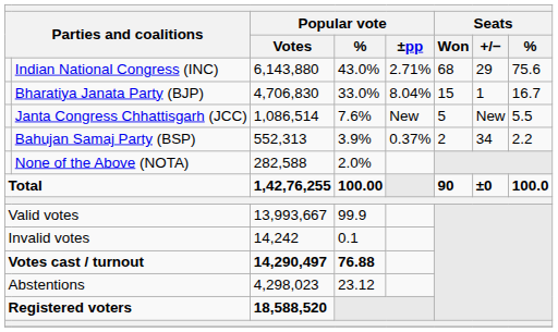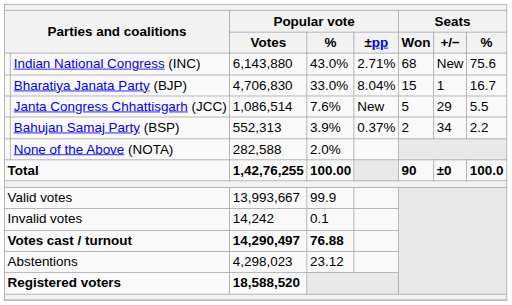 <table class="wikitable">
 <tr>
 <th colspan=10></th>
 </tr>
 <tr>
 <th colspan="2" rowspan="2">Parties and coalitions</th>
 <th colspan="3">Popular vote</th>
 <th colspan="3">Seats</th>
 </tr>
 <tr>
 <th>Votes</th>
 <th>%</th>
 <th>±<a href='#'>pp</a></th>
 <th>Won</th>
 <th><strong>+/−</strong></th>
 <th>%</th>
 </tr>
 <tr>
 <td></td>
 <td><a href='#'>Indian National Congress</a> (INC)</td>
 <td>6,143,880</td>
 <td>43.0%</td>
 <td>2.71%</td>
 <td>68</td>
-<td>29</td>
+<td>New</td>
 <td>75.6</td>
 </tr>
 <tr>
 <td></td>
 <td><a href='#'>Bharatiya Janata Party</a> (BJP)</td>
 <td>4,706,830</td>
 <td>33.0%</td>
 <td>8.04%</td>
 <td>15</td>
 <td>1</td>
 <td>16.7</td>
 </tr>
 <tr>
 <td></td>
 <td><a href='#'>Janta Congress Chhattisgarh</a> (JCC)</td>
 <td>1,086,514</td>
 <td>7.6%</td>
 <td>New</td>
 <td>5</td>
-<td>New</td>
+<td>29</td>
 <td>5.5</td>
 </tr>
 <tr>
 <td></td>
 <td><a href='#'>Bahujan Samaj Party</a> (BSP)</td>
 <td>552,313</td>
 <td>3.9%</td>
 <td>0.37%</td>
 <td>2</td>
 <td>34</td>
 <td>2.2</td>
 </tr>
 <tr>
 <td></td>
 <td><a href='#'>None of the Above</a> (NOTA)</td>
 <td>282,588</td>
 <td>2.0%</td>
 <td></td>
 <td colspan="3" style="background:#e9e9e9;"></td>
 </tr>
 <tr>
 <td style="text-align:left;" colspan="2"><strong>Total</strong></td>
 <td><strong>1,42,76,255</strong></td>
 <td><strong>100.00</strong></td>
 <td style="background:#e9e9e9;"></td>
 <td><strong>90</strong></td>
 <td><strong>±0</strong></td>
 <td><strong>100.0</strong></td>
 </tr>
 <tr>
 <th colspan="9"></th>
 </tr>
 <tr>
 <td style="text-align:left;" colspan="2">Valid votes</td>
 <td>13,993,667</td>
 <td>99.9</td>
 <td></td>
 <td colspan="4" rowspan="5" style="background:#e9e9e9;"></td>
 </tr>
 <tr>
 <td style="text-align:left;" colspan="2">Invalid votes</td>
 <td>14,242</td>
 <td>0.1</td>
 <td></td>
 </tr>
 <tr>
 <td style="text-align:left;" colspan="2"><strong>Votes cast / turnout</strong></td>
 <td><strong>14,290,497</strong></td>
 <td><strong>76.88</strong></td>
 <td></td>
 </tr>
 <tr>
 <td style="text-align:left;" colspan="2">Abstentions</td>
 <td>4,298,023</td>
 <td>23.12</td>
 <td></td>
 </tr>
 <tr>
 <td style="text-align:left;" colspan="2"><strong>Registered voters</strong></td>
 <td><strong>18,588,520</strong></td>
 <td colspan="2" style="background:#e9e9e9;"></td>
 </tr>
 <tr>
 <th colspan="9"></th>
 </tr>
 <tr>
 </tr>
 </table>
